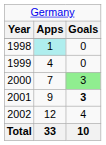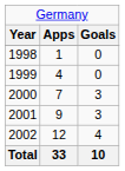 <table class="wikitable" style="text-align:center">
 <tr>
 <td colspan=3><a href='#'>Germany</a></td>
 </tr>
 <tr>
 <th>Year</th>
 <th>Apps</th>
 <th>Goals</th>
 </tr>
 <tr>
 </tr>
 <tr>
 <td>1998</td>
-<td style="background: paleturquoise;">1</td>
+<td>1</td>
 <td>0</td>
 </tr>
 <tr>
 <td>1999</td>
 <td>4</td>
 <td>0</td>
 </tr>
 <tr>
 <td>2000</td>
 <td>7</td>
-<td style="background: lightgreen;">3</td>
+<td>3</td>
 </tr>
 <tr>
 <td>2001</td>
 <td>9</td>
-<td><strong>3</strong></td>
+<td>3</td>
 </tr>
 <tr>
 <td>2002</td>
 <td>12</td>
 <td>4</td>
 </tr>
 <tr>
 <th>Total</th>
 <th>33</th>
 <th>10</th>
 </tr>
 </table>
